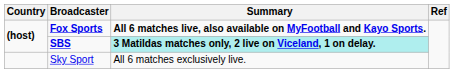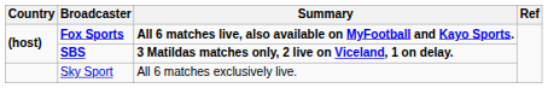 <table class="wikitable">
 <tr>
 <th>Country</th>
 <th>Broadcaster</th>
 <th>Summary</th>
 <th>Ref</th>
 </tr>
 <tr>
 <td rowspan="2"><strong> (host)</strong></td>
 <td><a href='#'><strong>Fox Sports</strong></a></td>
 <td><strong>All 6 matches live, also available on <a href='#'>MyFootball</a> and <a href='#'>Kayo Sports</a>.</strong></td>
 <td rowspan="3"></td>
 </tr>
 <tr>
 <td><a href='#'><strong>SBS</strong></a></td>
-<td style="background: paleturquoise;"><strong>3 Matildas matches only, 2 live on <a href='#'>Viceland</a>, 1 on delay.</strong></td>
+<td><strong>3 Matildas matches only, 2 live on <a href='#'>Viceland</a>, 1 on delay.</strong></td>
 </tr>
 <tr>
 <td></td>
 <td><a href='#'>Sky Sport</a></td>
 <td>All 6 matches exclusively live.</td>
 </tr>
 </table>
